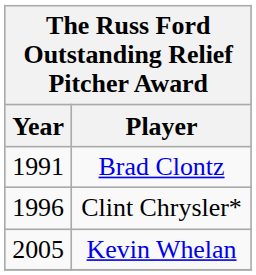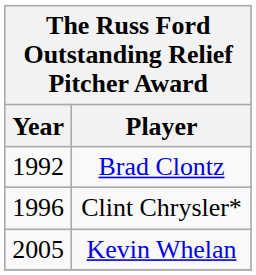 <table class="wikitable" style="display: inline-table; margin-right: 20px; text-align:center">
 <tr>
 <th scope="col" colspan="2" style="width: 145px;">The Russ Ford Outstanding Relief Pitcher Award</th>
 </tr>
 <tr>
 <th scope="col">Year</th>
 <th scope="col">Player</th>
 </tr>
 <tr>
-<td>1991</td>
+<td>1992</td>
 <td><a href='#'>Brad Clontz</a></td>
 </tr>
 <tr>
 <td>1996</td>
 <td>Clint Chrysler*</td>
 </tr>
 <tr>
 <td>2005</td>
 <td><a href='#'>Kevin Whelan</a></td>
 </tr>
 <tr>
 </tr>
 </table>
